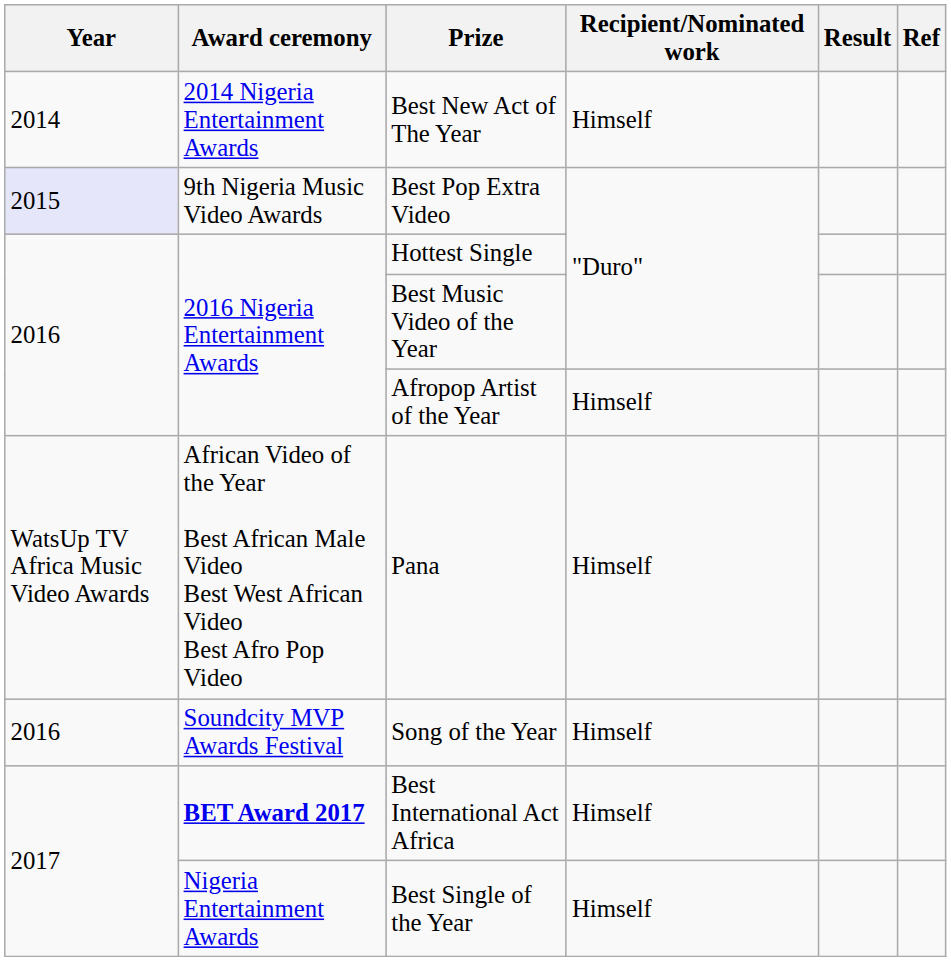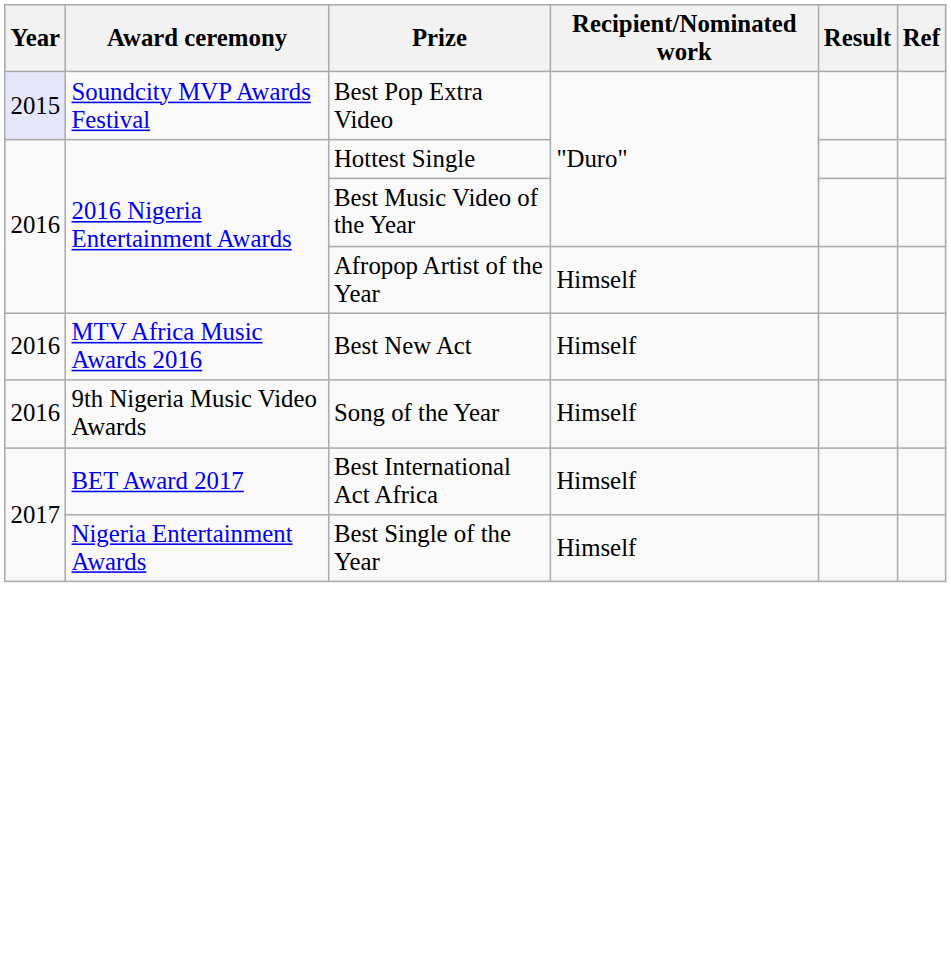 <table class ="wikitable">
 <tr>
 <th>Year</th>
 <th>Award ceremony</th>
 <th>Prize</th>
 <th>Recipient/Nominated work</th>
 <th>Result</th>
 <th>Ref</th>
 </tr>
 <tr>
-<td>2014</td>
-<td><a href='#'>2014 Nigeria Entertainment Awards</a></td>
-<td>Best New Act of The Year</td>
-<td>Himself</td>
-<td></td>
-<td></td>
-</tr>
-<tr>
 <td style="background: lavender;">2015</td>
-<td>9th Nigeria Music Video Awards</td>
+<td><a href='#'>Soundcity MVP Awards Festival</a></td>
 <td>Best Pop Extra Video</td>
 <td rowspan="3">"Duro"</td>
 <td></td>
 <td></td>
 </tr>
 <tr>
 <td rowspan="3">2016</td>
 <td rowspan="3"><a href='#'>2016 Nigeria Entertainment Awards</a></td>
 <td>Hottest Single</td>
 <td></td>
 <td></td>
 </tr>
 <tr>
 <td>Best Music Video of the Year</td>
 <td></td>
 <td></td>
 </tr>
 <tr>
 <td>Afropop Artist of the Year</td>
 <td>Himself</td>
 <td></td>
 <td></td>
 </tr>
 <tr>
-<td>WatsUp TV Africa Music Video Awards</td>
-<td>African Video of the Year<br><br>Best African Male Video<br> Best West African Video<br> Best Afro Pop Video</td>
-<td>Pana</td>
+<td rowspan=“4”>2016</td>
+<td><a href='#'>MTV Africa Music Awards 2016</a></td>
+<td>Best New Act</td>
 <td>Himself</td>
 <td></td>
 <td></td>
 </tr>
 <tr>
 <td>2016</td>
-<td><a href='#'>Soundcity MVP Awards Festival</a></td>
+<td>9th Nigeria Music Video Awards</td>
 <td>Song of the Year</td>
 <td>Himself</td>
 <td></td>
 <td></td>
 </tr>
 <tr>
 <td rowspan="2">2017</td>
-<td><strong><a href='#'>BET Award 2017</a></strong></td>
+<td><a href='#'>BET Award 2017</a></td>
 <td>Best International Act Africa</td>
 <td>Himself</td>
 <td></td>
 <td></td>
 </tr>
 <tr>
 <td><a href='#'>Nigeria Entertainment Awards</a></td>
 <td>Best Single of the Year</td>
 <td>Himself</td>
 <td></td>
 <td></td>
 </tr>
 </table>
